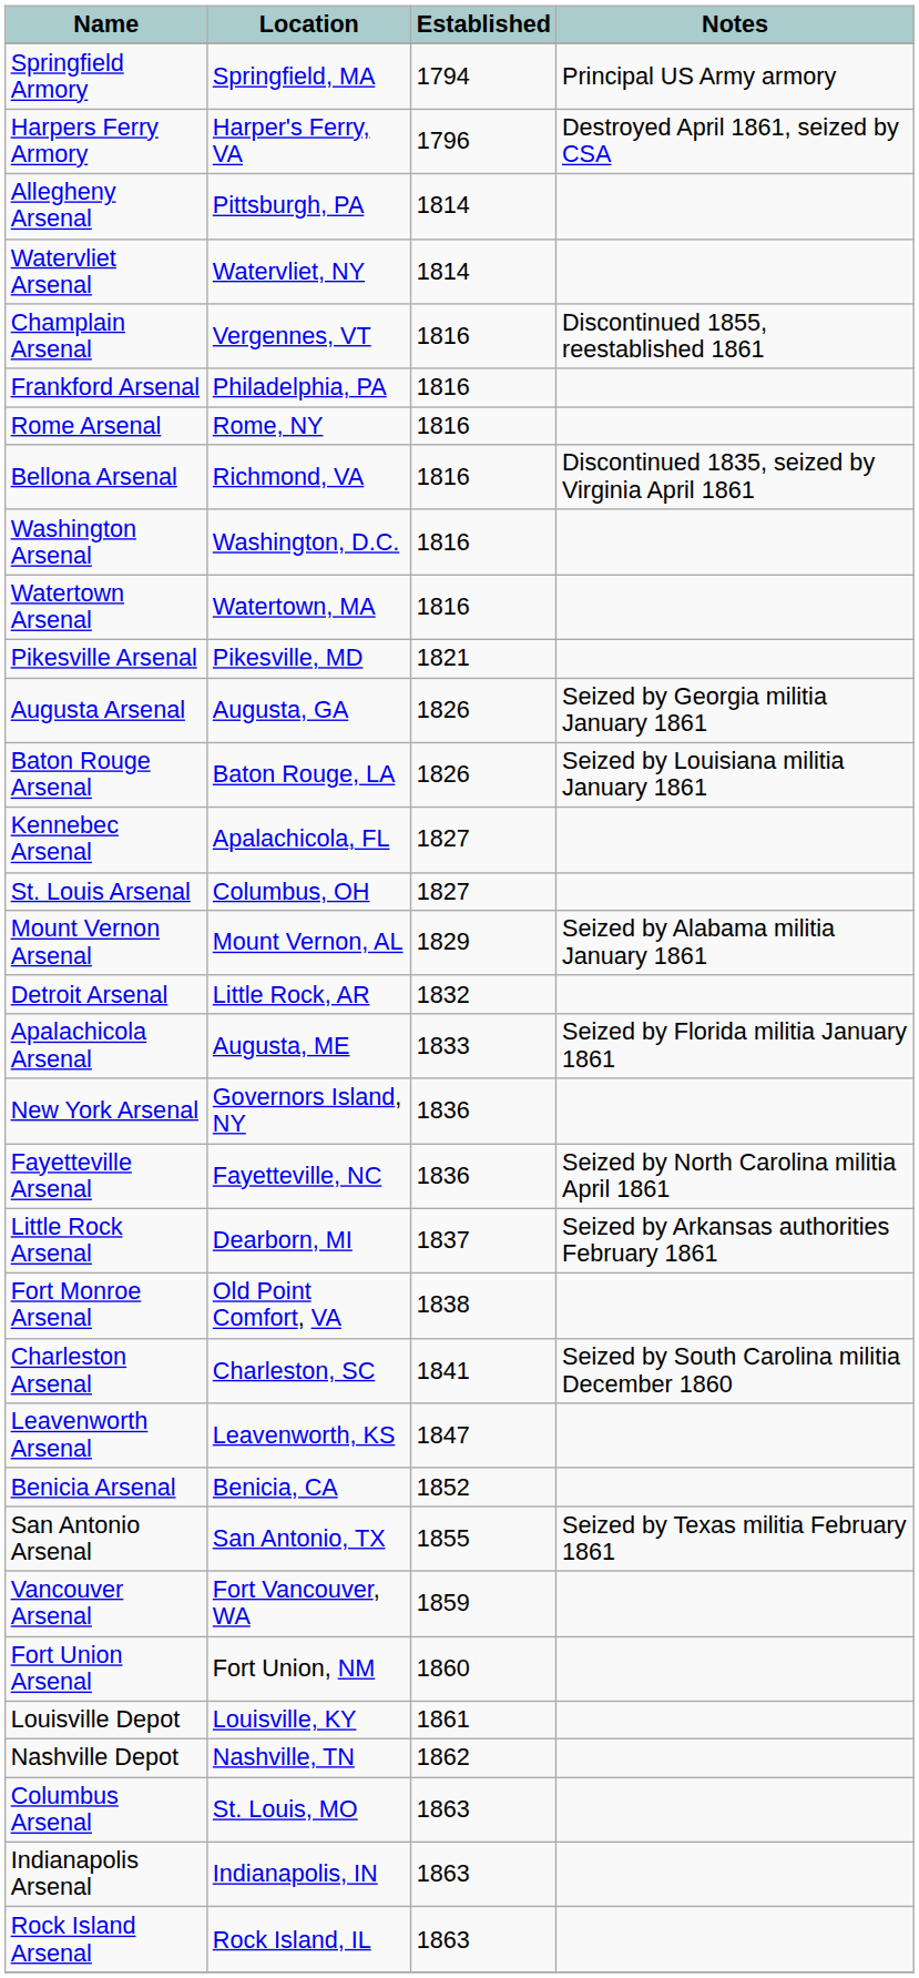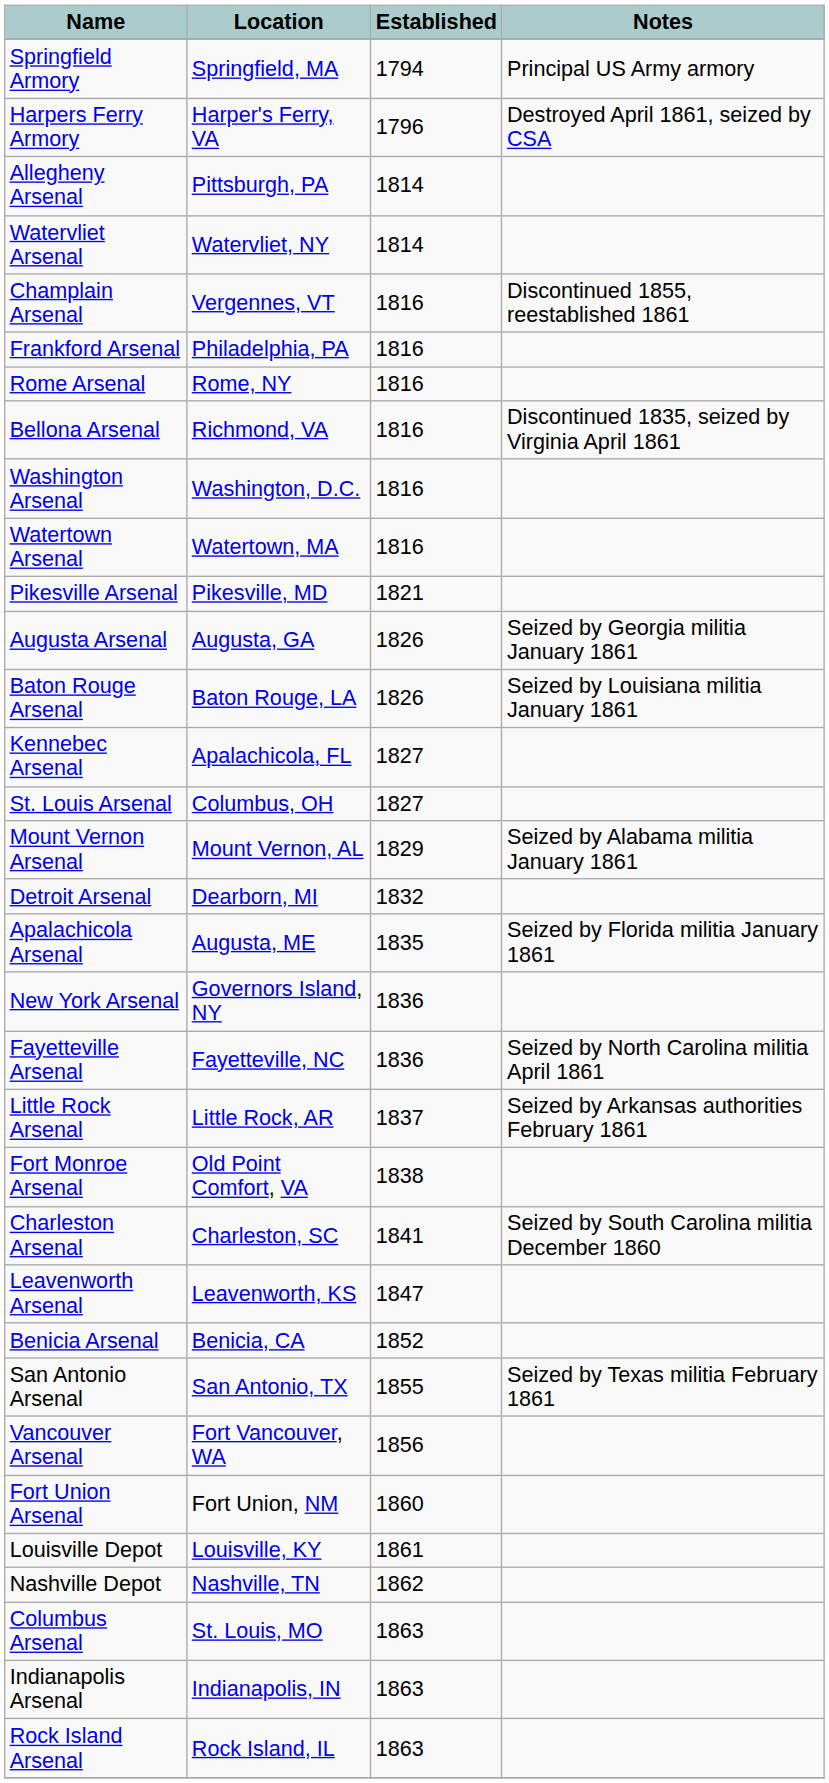 <table class="wikitable" style="display: inline-table;">
 <tr>
 <th style="text-align:center; background:#acc;">Name</th>
 <th style="text-align:l center; background:#acc;">Location</th>
 <th style="text-align:l center; background:#acc;">Established</th>
 <th style="text-align:center; background:#acc;">Notes</th>
 </tr>
 <tr>
 </tr>
 <tr>
 <td><a href='#'>Springfield Armory</a></td>
 <td><a href='#'>Springfield, MA</a></td>
 <td>1794</td>
 <td>Principal US Army armory</td>
 </tr>
 <tr>
 <td><a href='#'>Harpers Ferry Armory</a></td>
 <td><a href='#'>Harper's Ferry, VA</a></td>
 <td>1796</td>
 <td>Destroyed April 1861, seized by <a href='#'>CSA</a></td>
 </tr>
 <tr>
 <td><a href='#'>Allegheny Arsenal</a></td>
 <td><a href='#'>Pittsburgh, PA</a></td>
 <td>1814</td>
 <td></td>
 </tr>
 <tr>
 <td><a href='#'>Watervliet Arsenal</a></td>
 <td><a href='#'>Watervliet, NY</a></td>
 <td>1814</td>
 <td></td>
 </tr>
 <tr>
 <td><a href='#'>Champlain Arsenal</a></td>
 <td><a href='#'>Vergennes, VT</a></td>
 <td>1816</td>
 <td>Discontinued 1855, reestablished 1861</td>
 </tr>
 <tr>
 <td><a href='#'>Frankford Arsenal</a></td>
 <td><a href='#'>Philadelphia, PA</a></td>
 <td>1816</td>
 <td></td>
 </tr>
 <tr>
 <td><a href='#'>Rome Arsenal</a></td>
 <td><a href='#'>Rome, NY</a></td>
 <td>1816</td>
 <td></td>
 </tr>
 <tr>
 <td><a href='#'>Bellona Arsenal</a></td>
 <td><a href='#'>Richmond, VA</a></td>
 <td>1816</td>
 <td>Discontinued 1835, seized by Virginia April 1861</td>
 </tr>
 <tr>
 <td><a href='#'>Washington Arsenal</a></td>
 <td><a href='#'>Washington, D.C.</a></td>
 <td>1816</td>
 <td></td>
 </tr>
 <tr>
 <td><a href='#'>Watertown Arsenal</a></td>
 <td><a href='#'>Watertown, MA</a></td>
 <td>1816</td>
 <td></td>
 </tr>
 <tr>
 <td><a href='#'>Pikesville Arsenal</a></td>
 <td><a href='#'>Pikesville, MD</a></td>
 <td>1821</td>
 <td></td>
 </tr>
 <tr>
 <td><a href='#'>Augusta Arsenal</a></td>
 <td><a href='#'>Augusta, GA</a></td>
 <td>1826</td>
 <td>Seized by Georgia militia January 1861</td>
 </tr>
 <tr>
 <td><a href='#'>Baton Rouge Arsenal</a></td>
 <td><a href='#'>Baton Rouge, LA</a></td>
 <td>1826</td>
 <td>Seized by Louisiana militia January 1861</td>
 </tr>
 <tr>
 <td><a href='#'>Kennebec Arsenal</a></td>
 <td><a href='#'>Apalachicola, FL</a></td>
 <td>1827</td>
 <td></td>
 </tr>
 <tr>
 <td><a href='#'>St. Louis Arsenal</a></td>
 <td><a href='#'>Columbus, OH</a></td>
 <td>1827</td>
 <td></td>
 </tr>
 <tr>
 <td><a href='#'>Mount Vernon Arsenal</a></td>
 <td><a href='#'>Mount Vernon, AL</a></td>
 <td>1829</td>
 <td>Seized by Alabama militia January 1861</td>
 </tr>
 <tr>
 <td><a href='#'>Detroit Arsenal</a></td>
-<td><a href='#'>Little Rock, AR</a></td>
+<td><a href='#'>Dearborn, MI</a></td>
 <td>1832</td>
 <td></td>
 </tr>
 <tr>
 <td><a href='#'>Apalachicola Arsenal</a></td>
 <td><a href='#'>Augusta, ME</a></td>
-<td>1833</td>
+<td>1835</td>
 <td>Seized by Florida militia January 1861</td>
 </tr>
 <tr>
 <td><a href='#'>New York Arsenal</a></td>
 <td><a href='#'>Governors Island</a>, <a href='#'>NY</a></td>
 <td>1836</td>
 <td></td>
 </tr>
 <tr>
 <td><a href='#'>Fayetteville Arsenal</a></td>
 <td><a href='#'>Fayetteville, NC</a></td>
 <td>1836</td>
 <td>Seized by North Carolina militia April 1861</td>
 </tr>
 <tr>
 <td><a href='#'>Little Rock Arsenal</a></td>
-<td><a href='#'>Dearborn, MI</a></td>
+<td><a href='#'>Little Rock, AR</a></td>
 <td>1837</td>
 <td>Seized by Arkansas authorities February 1861</td>
 </tr>
 <tr>
 <td><a href='#'>Fort Monroe Arsenal</a></td>
 <td><a href='#'>Old Point Comfort</a>, <a href='#'>VA</a></td>
 <td>1838</td>
 <td></td>
 </tr>
 <tr>
 <td><a href='#'>Charleston Arsenal</a></td>
 <td><a href='#'>Charleston, SC</a></td>
 <td>1841</td>
 <td>Seized by South Carolina militia December 1860</td>
 </tr>
 <tr>
 <td><a href='#'>Leavenworth Arsenal</a></td>
 <td><a href='#'>Leavenworth, KS</a></td>
 <td>1847</td>
 <td></td>
 </tr>
 <tr>
 <td><a href='#'>Benicia Arsenal</a></td>
 <td><a href='#'>Benicia, CA</a></td>
 <td>1852</td>
 <td></td>
 </tr>
 <tr>
 <td>San Antonio Arsenal</td>
 <td><a href='#'>San Antonio, TX</a></td>
 <td>1855</td>
 <td>Seized by Texas militia February 1861</td>
 </tr>
 <tr>
 <td><a href='#'>Vancouver Arsenal</a></td>
 <td><a href='#'>Fort Vancouver</a>, <a href='#'>WA</a></td>
-<td>1859</td>
+<td>1856</td>
 <td></td>
 </tr>
 <tr>
 <td><a href='#'>Fort Union Arsenal</a></td>
 <td>Fort Union, <a href='#'>NM</a></td>
 <td>1860</td>
 <td></td>
 </tr>
 <tr>
 <td>Louisville Depot</td>
 <td><a href='#'>Louisville, KY</a></td>
 <td>1861</td>
 <td></td>
 </tr>
 <tr>
 <td>Nashville Depot</td>
 <td><a href='#'>Nashville, TN</a></td>
 <td>1862</td>
 <td></td>
 </tr>
 <tr>
 <td><a href='#'>Columbus Arsenal</a></td>
 <td><a href='#'>St. Louis, MO</a></td>
 <td>1863</td>
 <td></td>
 </tr>
 <tr>
 <td>Indianapolis Arsenal</td>
 <td><a href='#'>Indianapolis, IN</a></td>
 <td>1863</td>
 <td></td>
 </tr>
 <tr>
 <td><a href='#'>Rock Island Arsenal</a></td>
 <td><a href='#'>Rock Island, IL</a></td>
 <td>1863</td>
 <td></td>
 </tr>
 <tr>
 </tr>
 </table>
